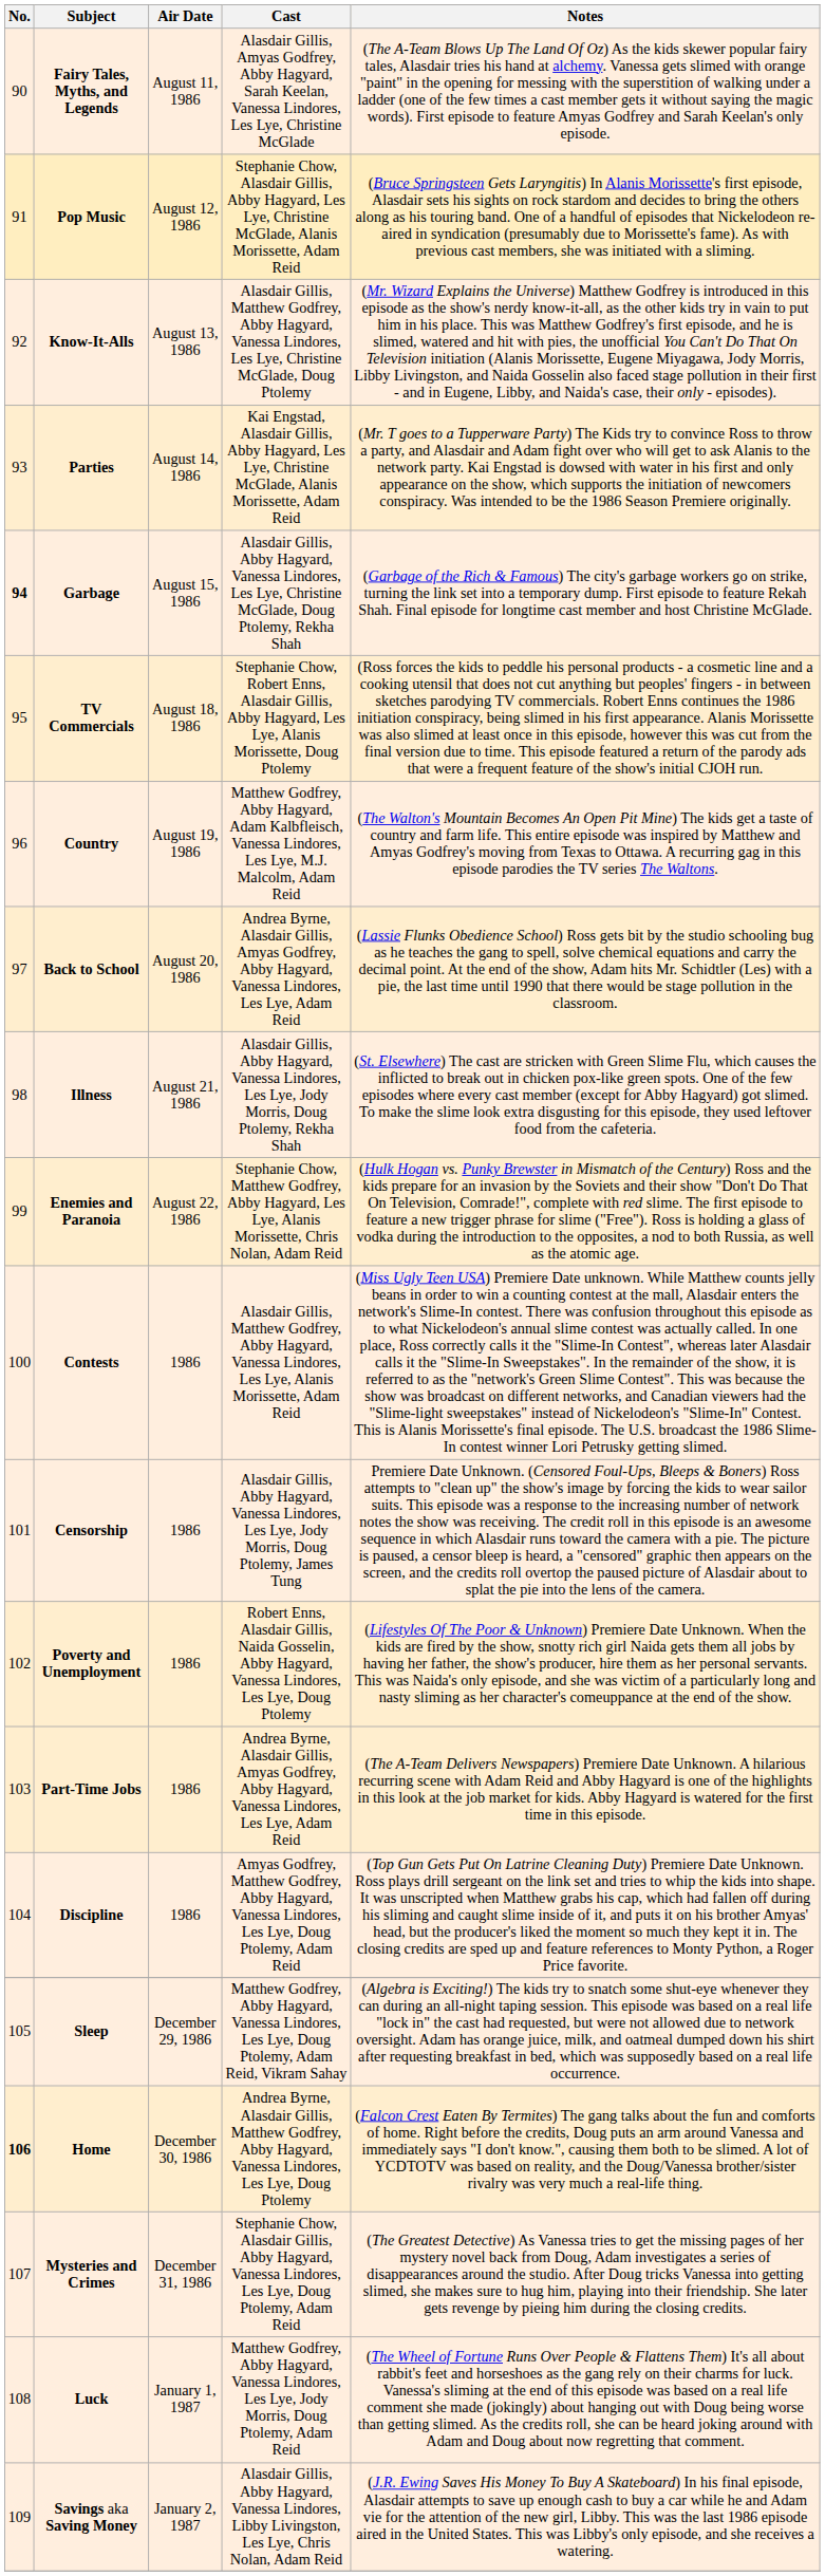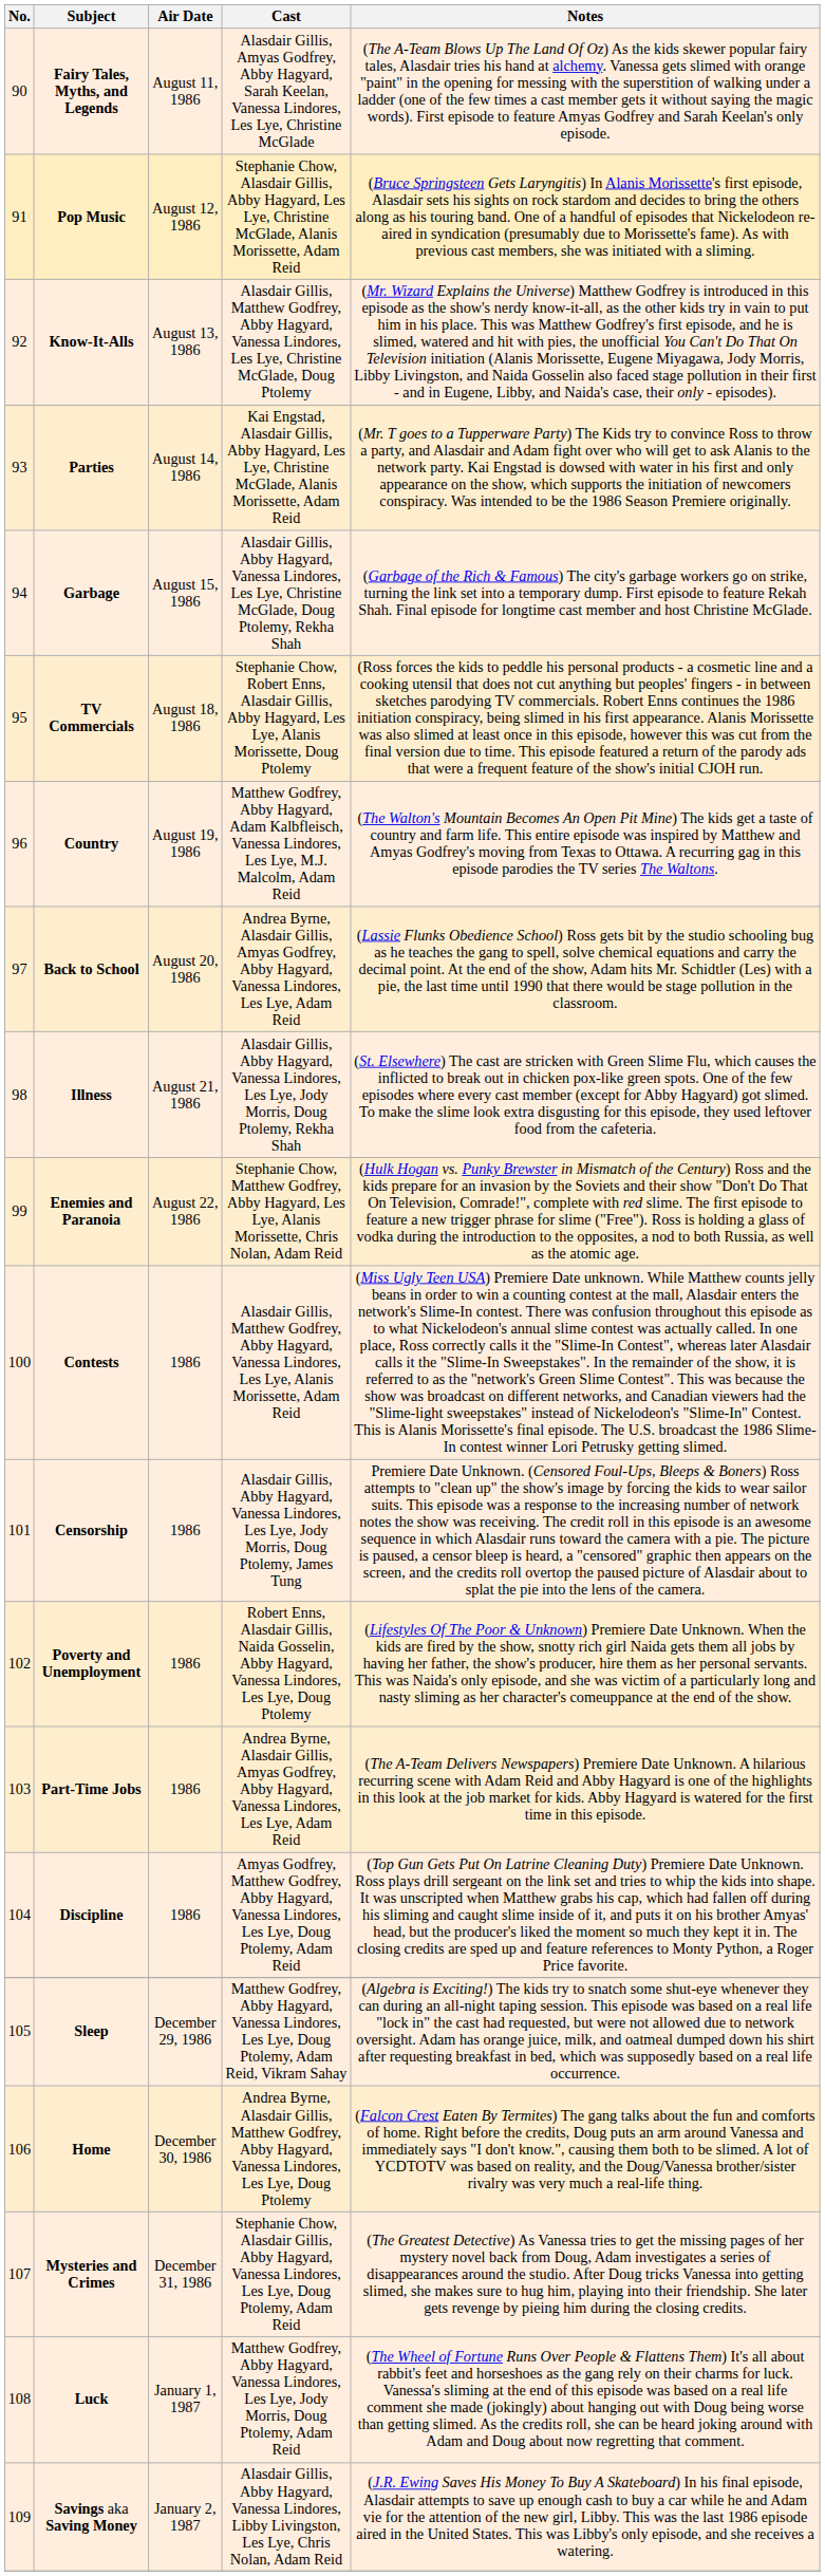 <table class="wikitable" style="text-align:center; background:#FFEEDE">
 <tr>
 <th>No.</th>
 <th>Subject</th>
 <th>Air Date</th>
 <th>Cast</th>
 <th>Notes</th>
 </tr>
 <tr>
 <td>90</td>
 <td><strong>Fairy Tales, Myths, and Legends</strong></td>
 <td>August 11, 1986</td>
 <td>Alasdair Gillis, Amyas Godfrey, Abby Hagyard, Sarah Keelan, Vanessa Lindores, Les Lye, Christine McGlade</td>
 <td>(<em>The A-Team Blows Up The Land Of Oz</em>) As the kids skewer popular fairy tales, Alasdair tries his hand at <a href='#'>alchemy</a>. Vanessa gets slimed with orange "paint" in the opening for messing with the superstition of walking under a ladder (one of the few times a cast member gets it without saying the magic words). First episode to feature Amyas Godfrey and Sarah Keelan's only episode.</td>
 </tr>
 <tr bgcolor="FFEECG">
 <td>91</td>
 <td><strong>Pop Music</strong></td>
 <td>August 12, 1986</td>
 <td>Stephanie Chow, Alasdair Gillis, Abby Hagyard, Les Lye, Christine McGlade, Alanis Morissette, Adam Reid</td>
 <td>(<em><a href='#'>Bruce Springsteen</a> Gets Laryngitis</em>) In <a href='#'>Alanis Morissette</a>'s first episode, Alasdair sets his sights on rock stardom and decides to bring the others along as his touring band. One of a handful of episodes that Nickelodeon re-aired in syndication (presumably due to Morissette's fame). As with previous cast members, she was initiated with a sliming.</td>
 </tr>
 <tr>
 <td>92</td>
 <td><strong>Know-It-Alls</strong></td>
 <td>August 13, 1986</td>
 <td>Alasdair Gillis, Matthew Godfrey, Abby Hagyard, Vanessa Lindores, Les Lye, Christine McGlade, Doug Ptolemy</td>
 <td>(<em><a href='#'>Mr. Wizard</a> Explains the Universe</em>) Matthew Godfrey is introduced in this episode as the show's nerdy know-it-all, as the other kids try in vain to put him in his place. This was Matthew Godfrey's first episode, and he is slimed, watered and hit with pies, the unofficial <em>You Can't Do That On Television</em> initiation (Alanis Morissette, Eugene Miyagawa, Jody Morris, Libby Livingston, and Naida Gosselin also faced stage pollution in their first - and in Eugene, Libby, and Naida's case, their <em>only</em> - episodes).  </td>
 </tr>
 <tr bgcolor="FFEECE">
 <td>93</td>
 <td><strong>Parties</strong></td>
 <td>August 14, 1986</td>
 <td>Kai Engstad, Alasdair Gillis, Abby Hagyard, Les Lye, Christine McGlade, Alanis Morissette, Adam Reid</td>
 <td>(<em>Mr. T goes to a Tupperware Party</em>) The Kids try to convince Ross to throw a party, and Alasdair and Adam fight over who will get to ask Alanis to the network party. Kai Engstad is dowsed with water in his first and only appearance on the show, which supports the initiation of newcomers conspiracy. Was intended to be the 1986 Season Premiere originally.</td>
 </tr>
 <tr>
-<td><strong>94</strong></td>
+<td>94</td>
 <td><strong>Garbage</strong></td>
 <td>August 15, 1986</td>
 <td>Alasdair Gillis, Abby Hagyard, Vanessa Lindores, Les Lye, Christine McGlade, Doug Ptolemy, Rekha Shah</td>
 <td>(<em><a href='#'>Garbage of the Rich & Famous</a></em>) The city's garbage workers go on strike, turning the link set into a temporary dump. First episode to feature Rekah Shah. Final episode for longtime cast member and host Christine McGlade.</td>
 </tr>
 <tr bgcolor="FFEECE">
 <td>95</td>
 <td><strong>TV Commercials</strong></td>
 <td>August 18, 1986</td>
 <td>Stephanie Chow, Robert Enns, Alasdair Gillis, Abby Hagyard, Les Lye, Alanis Morissette, Doug Ptolemy</td>
 <td>(Ross forces the kids to peddle his personal products - a cosmetic line and a cooking utensil that does not cut anything but peoples' fingers - in between sketches parodying TV commercials. Robert Enns continues the 1986 initiation conspiracy, being slimed in his first appearance. Alanis Morissette was also slimed at least once in this episode, however this was cut from the final version due to time. This episode featured a return of the parody ads that were a frequent feature of the show's initial CJOH run.</td>
 </tr>
 <tr>
 <td>96</td>
 <td><strong>Country</strong></td>
 <td>August 19, 1986</td>
 <td>Matthew Godfrey, Abby Hagyard, Adam Kalbfleisch, Vanessa Lindores, Les Lye, M.J. Malcolm, Adam Reid</td>
 <td>(<em><a href='#'>The Walton's</a> Mountain Becomes An Open Pit Mine</em>) The kids get a taste of country and farm life.  This entire episode was  inspired by Matthew and Amyas Godfrey's moving from Texas to Ottawa. A recurring gag in this episode parodies the TV series <em><a href='#'>The Waltons</a></em>.</td>
 </tr>
 <tr bgcolor="FFEECE">
 <td>97</td>
 <td><strong>Back to School</strong></td>
 <td>August 20, 1986</td>
 <td>Andrea Byrne, Alasdair Gillis, Amyas Godfrey, Abby Hagyard, Vanessa Lindores, Les Lye, Adam Reid</td>
 <td>(<em><a href='#'>Lassie</a> Flunks Obedience School</em>) Ross gets bit by the studio schooling bug as he teaches the gang to spell, solve chemical equations and carry the decimal point. At the end of the show, Adam hits Mr. Schidtler (Les) with a pie, the last time until 1990 that there would be stage pollution in the classroom.</td>
 </tr>
 <tr>
 <td>98</td>
 <td><strong>Illness</strong></td>
 <td>August 21, 1986</td>
 <td>Alasdair Gillis, Abby Hagyard, Vanessa Lindores, Les Lye, Jody Morris, Doug Ptolemy, Rekha Shah</td>
 <td>(<em><a href='#'>St. Elsewhere</a></em>) The cast are stricken with Green Slime Flu, which causes the inflicted to break out in chicken pox-like green spots. One of the few episodes where every cast member (except for Abby Hagyard) got slimed. To make the slime look extra disgusting for this episode, they used leftover food from the cafeteria.</td>
 </tr>
 <tr bgcolor="FFEECE">
 <td>99</td>
 <td><strong>Enemies and Paranoia</strong></td>
 <td>August 22, 1986</td>
 <td>Stephanie Chow, Matthew Godfrey, Abby Hagyard, Les Lye, Alanis Morissette, Chris Nolan, Adam Reid</td>
 <td>(<em><a href='#'>Hulk Hogan</a> vs. <a href='#'>Punky Brewster</a> in Mismatch of the Century</em>) Ross and the kids prepare for an invasion by the Soviets and their show "Don't Do That On Television, Comrade!", complete with <em>red</em> slime. The first episode to feature a new trigger phrase for slime ("Free"). Ross is holding a glass of vodka during the introduction to the opposites, a nod to both Russia, as well as the atomic age.</td>
 </tr>
 <tr>
 <td>100</td>
 <td><strong>Contests</strong></td>
 <td>1986</td>
 <td>Alasdair Gillis, Matthew Godfrey, Abby Hagyard, Vanessa Lindores, Les Lye, Alanis Morissette, Adam Reid</td>
 <td>(<em><a href='#'>Miss Ugly Teen USA</a></em>) Premiere Date unknown. While Matthew counts jelly beans in order to win a counting contest at the mall, Alasdair enters the network's Slime-In contest. There was confusion throughout this episode as to what Nickelodeon's annual slime contest was actually called. In one place, Ross correctly calls it the "Slime-In Contest", whereas later Alasdair calls it the "Slime-In Sweepstakes". In the remainder of the show, it is referred to as the "network's Green Slime Contest". This was because the show was broadcast on different networks, and Canadian viewers had the "Slime-light sweepstakes" instead of Nickelodeon's "Slime-In" Contest. This is Alanis Morissette's final episode. The U.S. broadcast the 1986 Slime-In contest winner Lori Petrusky getting slimed.</td>
 </tr>
 <tr>
 <td>101</td>
 <td><strong>Censorship</strong></td>
 <td>1986</td>
 <td>Alasdair Gillis, Abby Hagyard, Vanessa Lindores, Les Lye, Jody Morris, Doug Ptolemy, James Tung</td>
 <td>Premiere Date Unknown.  (<em>Censored Foul-Ups, Bleeps & Boners</em>) Ross attempts to "clean up" the show's image by forcing the kids to wear sailor suits. This episode was a response to the increasing number of network notes the show was receiving. The credit roll in this episode is an awesome sequence in which Alasdair runs toward the camera with a pie. The picture is paused, a censor bleep is heard, a "censored" graphic then appears on the screen, and the credits roll overtop the paused picture of Alasdair about to splat the pie into the lens of the camera.</td>
 </tr>
 <tr bgcolor="FFEECE">
 <td>102</td>
 <td><strong>Poverty and Unemployment</strong></td>
 <td>1986</td>
 <td>Robert Enns, Alasdair Gillis, Naida Gosselin, Abby Hagyard, Vanessa Lindores, Les Lye, Doug Ptolemy</td>
 <td>(<em><a href='#'>Lifestyles Of The Poor & Unknown</a></em>) Premiere Date Unknown.  When the kids are fired by the show, snotty rich girl Naida gets them all jobs by having her father, the show's producer, hire them as her personal servants. This was Naida's only episode, and she was victim of a particularly long and nasty sliming as her character's comeuppance at the end of the show.</td>
 </tr>
 <tr bgcolor="FFEECE">
 <td>103</td>
 <td><strong>Part-Time Jobs</strong></td>
 <td>1986</td>
 <td>Andrea Byrne, Alasdair Gillis, Amyas Godfrey, Abby Hagyard, Vanessa Lindores, Les Lye, Adam Reid</td>
 <td>(<em>The A-Team Delivers Newspapers</em>) Premiere Date Unknown. A hilarious recurring scene with Adam Reid and Abby Hagyard is one of the highlights in this look at the job market for kids. Abby Hagyard is watered for the first time in this episode. </td>
 </tr>
 <tr>
 <td>104</td>
 <td><strong>Discipline</strong></td>
 <td>1986</td>
 <td>Amyas Godfrey, Matthew Godfrey, Abby Hagyard, Vanessa Lindores, Les Lye, Doug Ptolemy, Adam Reid</td>
 <td>(<em>Top Gun Gets Put On Latrine Cleaning Duty</em>) Premiere Date Unknown.  Ross plays drill sergeant on the link set and tries to whip the kids into shape. It was unscripted when Matthew grabs his cap, which had fallen off during his sliming and caught slime inside of it, and puts it on his brother Amyas' head, but the producer's liked the moment so much they kept it in. The closing credits are sped up and feature references to Monty Python, a Roger Price favorite.</td>
 </tr>
 <tr bgcolor="FFEECE">
 </tr>
 <tr>
 <td>105</td>
 <td><strong>Sleep</strong></td>
 <td>December 29, 1986</td>
 <td>Matthew Godfrey, Abby Hagyard, Vanessa Lindores, Les Lye, Doug Ptolemy, Adam Reid, Vikram Sahay</td>
 <td>(<em>Algebra is Exciting!</em>) The kids try to snatch some shut-eye whenever they can during an all-night taping session. This episode was based on a real life "lock in" the cast had requested, but were not allowed due to network oversight. Adam has orange juice, milk, and oatmeal dumped down his shirt after requesting breakfast in bed, which was supposedly based on a real life occurrence.</td>
 </tr>
 <tr bgcolor="FFEECE">
-<td><strong>106</strong></td>
+<td>106</td>
 <td><strong>Home</strong></td>
 <td>December 30, 1986</td>
 <td>Andrea Byrne, Alasdair Gillis, Matthew Godfrey, Abby Hagyard, Vanessa Lindores, Les Lye, Doug Ptolemy</td>
 <td>(<em><a href='#'>Falcon Crest</a> Eaten By Termites</em>) The gang talks about the fun and comforts of home. Right before the credits, Doug puts an arm around Vanessa and immediately says "I don't know.", causing them both to be slimed. A lot of YCDTOTV was based on reality, and the Doug/Vanessa brother/sister rivalry was very much a real-life thing.</td>
 </tr>
 <tr>
 <td>107</td>
 <td><strong>Mysteries and Crimes</strong></td>
 <td>December 31, 1986</td>
 <td>Stephanie Chow, Alasdair Gillis, Abby Hagyard, Vanessa Lindores, Les Lye, Doug Ptolemy, Adam Reid</td>
 <td>(<em>The Greatest Detective</em>) As Vanessa tries to get the missing pages of her mystery novel back from Doug, Adam investigates a series of disappearances around the studio. After Doug tricks Vanessa into getting slimed, she makes sure to hug him, playing into their friendship. She later gets revenge by pieing him during the closing credits.</td>
 </tr>
 <tr>
 <td>108</td>
 <td><strong>Luck</strong></td>
 <td>January 1, 1987</td>
 <td>Matthew Godfrey, Abby Hagyard, Vanessa Lindores, Les Lye, Jody Morris, Doug Ptolemy, Adam Reid</td>
 <td>(<em><a href='#'>The Wheel of Fortune</a> Runs Over People & Flattens Them</em>) It's all about rabbit's feet and horseshoes as the gang rely on their charms for luck. Vanessa's sliming at the end of this episode was based on a real life comment she made (jokingly) about hanging out with Doug being worse than getting slimed. As the credits roll, she can be heard joking around with Adam and Doug about now regretting that comment.</td>
 </tr>
 <tr>
 <td>109</td>
 <td><strong>Savings</strong> aka <strong>Saving Money</strong></td>
 <td>January 2, 1987</td>
 <td>Alasdair Gillis, Abby Hagyard, Vanessa Lindores, Libby Livingston, Les Lye, Chris Nolan, Adam Reid</td>
 <td>(<em><a href='#'>J.R. Ewing</a> Saves His Money To Buy A Skateboard</em>) In his final episode, Alasdair attempts to save up enough cash to buy a car while he and Adam vie for the attention of the new girl, Libby. This was the last 1986 episode aired in the United States. This was Libby's only episode, and she receives a watering. </td>
 </tr>
 <tr bgcolor="FFEECE">
 </tr>
 <tr>
 </tr>
 </table>
